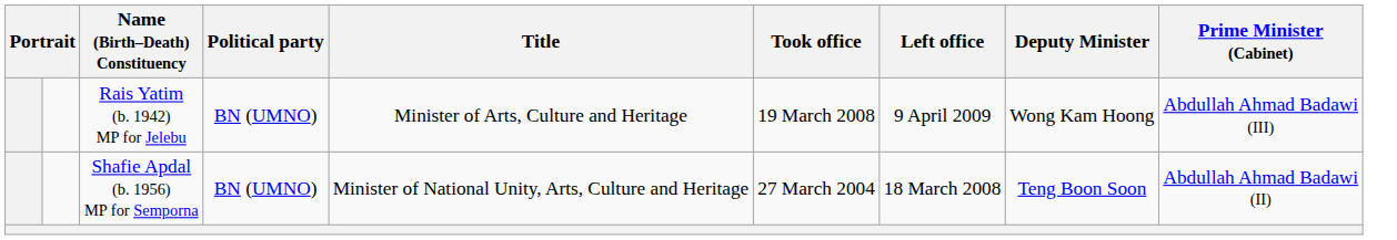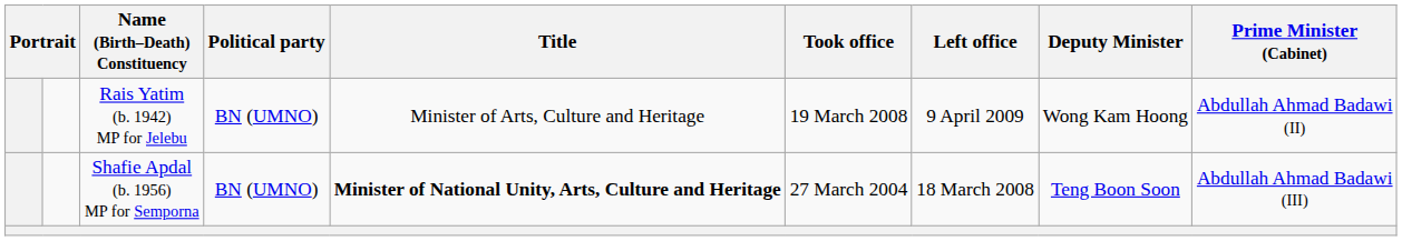 <table class="wikitable" style="text-align:center;">
 <tr>
 <th colspan=2>Portrait</th>
 <th>Name<br><small>(Birth–Death)<br>Constituency</small></th>
 <th>Political party</th>
 <th>Title</th>
 <th>Took office</th>
 <th>Left office</th>
 <th>Deputy Minister</th>
 <th><a href='#'>Prime Minister</a><br><small>(Cabinet)</small></th>
 </tr>
 <tr>
 <th style="background:"></th>
 <td></td>
 <td><a href='#'>Rais Yatim</a><br><small>(b. 1942)<br>MP for <a href='#'>Jelebu</a></small></td>
 <td><a href='#'>BN</a> (<a href='#'>UMNO</a>)</td>
 <td>Minister of Arts, Culture and Heritage</td>
 <td>19 March 2008</td>
 <td>9 April 2009</td>
 <td>Wong Kam Hoong</td>
-<td><a href='#'>Abdullah Ahmad Badawi</a><br><small>(III)</small></td>
+<td><a href='#'>Abdullah Ahmad Badawi</a><br><small>(II)</small></td>
 </tr>
 <tr>
 <th style="background:"></th>
 <td></td>
 <td><a href='#'>Shafie Apdal</a><br><small>(b. 1956)<br>MP for <a href='#'>Semporna</a></small></td>
 <td><a href='#'>BN</a> (<a href='#'>UMNO</a>)</td>
-<td>Minister of National Unity, Arts, Culture and Heritage</td>
+<td><strong>Minister of National Unity, Arts, Culture and Heritage</strong></td>
 <td>27 March 2004</td>
 <td>18 March 2008</td>
 <td><a href='#'>Teng Boon Soon</a></td>
-<td><a href='#'>Abdullah Ahmad Badawi</a><br><small>(II)</small></td>
+<td><a href='#'>Abdullah Ahmad Badawi</a><br><small>(III)</small></td>
 </tr>
 <tr>
 <th colspan="9" bgcolor="cccccc"></th>
 </tr>
 </table>
